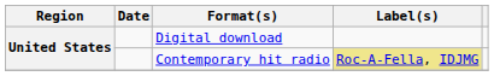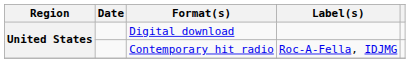 <table class="wikitable plainrowheaders" style="text-align:left">
 <tr>
 <th scope="col">Region</th>
 <th scope="col">Date</th>
 <th scope="col">Format(s)</th>
 <th scope="col">Label(s)</th>
 <th scope="col"></th>
 </tr>
 <tr>
 <th rowspan="2" scope="row">United States</th>
 <td></td>
 <td><a href='#'>Digital download</a></td>
 <td></td>
 <td></td>
 </tr>
 <tr>
 <td></td>
 <td><a href='#'>Contemporary hit radio</a></td>
-<td style="background: khaki;"><a href='#'>Roc-A-Fella</a>, <a href='#'>IDJMG</a></td>
+<td><a href='#'>Roc-A-Fella</a>, <a href='#'>IDJMG</a></td>
 <td></td>
 </tr>
 <tr>
 </tr>
 </table>
